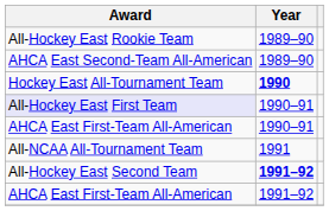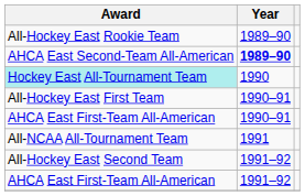 <table class="wikitable">
 <tr>
 <th>Award</th>
 <th>Year</th>
 <th></th>
 </tr>
 <tr>
 <td>All-<a href='#'>Hockey East</a> <a href='#'>Rookie Team</a></td>
 <td><a href='#'>1989–90</a></td>
 <td></td>
 </tr>
 <tr>
 <td><a href='#'>AHCA</a> <a href='#'>East Second-Team All-American</a></td>
-<td><a href='#'>1989–90</a></td>
+<td><strong><a href='#'>1989–90</a></strong></td>
 <td></td>
 </tr>
 <tr>
-<td><a href='#'>Hockey East</a> <a href='#'>All-Tournament Team</a></td>
-<td><strong><a href='#'>1990</a></strong></td>
+<td style="background: paleturquoise;"><a href='#'>Hockey East</a> <a href='#'>All-Tournament Team</a></td>
+<td><a href='#'>1990</a></td>
 <td></td>
 </tr>
 <tr>
-<td style="background: lavender;">All-<a href='#'>Hockey East</a> <a href='#'>First Team</a></td>
+<td>All-<a href='#'>Hockey East</a> <a href='#'>First Team</a></td>
 <td><a href='#'>1990–91</a></td>
 <td></td>
 </tr>
 <tr>
 <td><a href='#'>AHCA</a> <a href='#'>East First-Team All-American</a></td>
 <td><a href='#'>1990–91</a></td>
 <td></td>
 </tr>
 <tr>
 <td>All-<a href='#'>NCAA</a> <a href='#'>All-Tournament Team</a></td>
 <td><a href='#'>1991</a></td>
 <td></td>
 </tr>
 <tr>
 <td>All-<a href='#'>Hockey East</a> <a href='#'>Second Team</a></td>
-<td><strong><a href='#'>1991–92</a></strong></td>
+<td><a href='#'>1991–92</a></td>
 <td></td>
 </tr>
 <tr>
 <td><a href='#'>AHCA</a> <a href='#'>East First-Team All-American</a></td>
 <td><a href='#'>1991–92</a></td>
 <td></td>
 </tr>
 <tr>
 </tr>
 </table>
